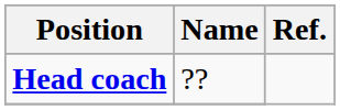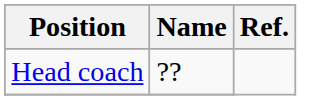 <table class="wikitable">
 <tr>
 <th>Position</th>
 <th>Name</th>
 <th>Ref.</th>
 </tr>
 <tr>
-<td><strong><a href='#'>Head coach</a></strong></td>
+<td><a href='#'>Head coach</a></td>
 <td>??</td>
 </tr>
 <tr>
 </tr>
 </table>
